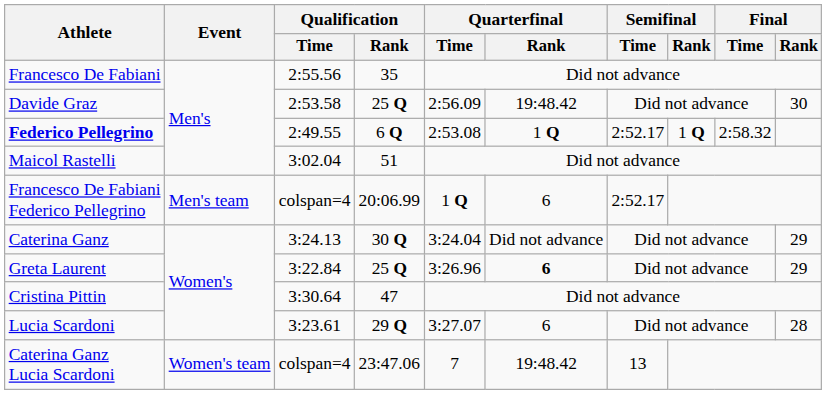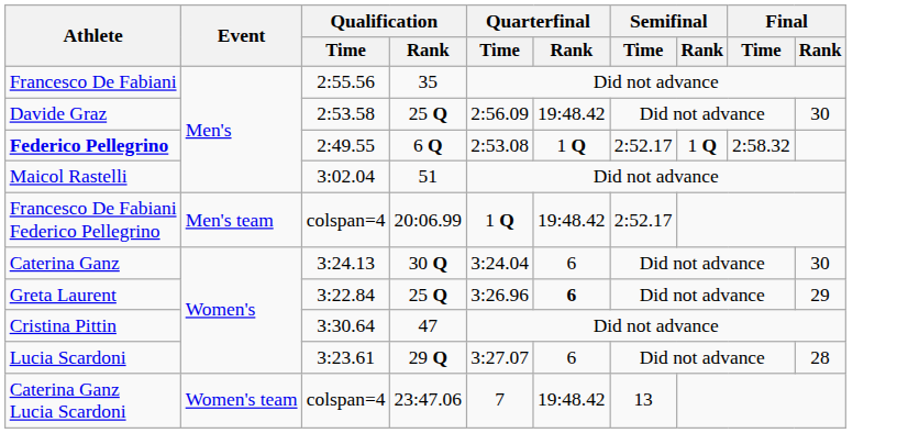 <table class=wikitable style=font-size:90%;text-align:center>
 <tr>
 <th rowspan=2>Athlete</th>
 <th rowspan=2>Event</th>
 <th colspan=2>Qualification</th>
 <th colspan=2>Quarterfinal</th>
 <th colspan=2>Semifinal</th>
 <th colspan=2>Final</th>
 </tr>
 <tr style=font-size:95%>
 <th>Time</th>
 <th>Rank</th>
 <th>Time</th>
 <th>Rank</th>
 <th>Time</th>
 <th>Rank</th>
 <th>Time</th>
 <th>Rank</th>
 </tr>
 <tr>
 <td align=left><a href='#'>Francesco De Fabiani</a></td>
 <td align=left rowspan=4><a href='#'>Men's</a></td>
 <td>2:55.56</td>
 <td>35</td>
 <td colspan=6>Did not advance</td>
 </tr>
 <tr>
 <td align=left><a href='#'>Davide Graz</a></td>
 <td>2:53.58</td>
 <td>25 <strong>Q</strong></td>
 <td>2:56.09</td>
 <td>19:48.42</td>
 <td colspan=3>Did not advance</td>
 <td>30</td>
 </tr>
 <tr>
 <td align=left><strong><a href='#'>Federico Pellegrino</a></strong></td>
 <td>2:49.55</td>
 <td>6 <strong>Q</strong></td>
 <td>2:53.08</td>
 <td>1 <strong>Q</strong></td>
 <td>2:52.17</td>
 <td>1 <strong>Q</strong></td>
 <td>2:58.32</td>
 <td></td>
 </tr>
 <tr>
 <td align=left><a href='#'>Maicol Rastelli</a></td>
 <td>3:02.04</td>
 <td>51</td>
 <td colspan=6>Did not advance</td>
 </tr>
 <tr>
 <td align=left><a href='#'>Francesco De Fabiani</a><br><a href='#'>Federico Pellegrino</a></td>
 <td align=left><a href='#'>Men's team</a></td>
 <td>colspan=4 </td>
 <td>20:06.99</td>
 <td>1 <strong>Q</strong></td>
-<td>6</td>
+<td>19:48.42</td>
 <td>2:52.17</td>
 </tr>
 <tr>
 <td align=left><a href='#'>Caterina Ganz</a></td>
 <td align=left rowspan=4><a href='#'>Women's</a></td>
 <td>3:24.13</td>
 <td>30 <strong>Q</strong></td>
 <td>3:24.04</td>
-<td>Did not advance</td>
+<td>6</td>
 <td colspan=3>Did not advance</td>
-<td>29</td>
+<td>30</td>
 </tr>
 <tr>
 <td align=left><a href='#'>Greta Laurent</a></td>
 <td>3:22.84</td>
 <td>25 <strong>Q</strong></td>
 <td>3:26.96</td>
 <td><strong>6</strong></td>
 <td colspan=3>Did not advance</td>
 <td>29</td>
 </tr>
 <tr>
 <td align=left><a href='#'>Cristina Pittin</a></td>
 <td>3:30.64</td>
 <td>47</td>
 <td colspan=6>Did not advance</td>
 </tr>
 <tr>
 <td align=left><a href='#'>Lucia Scardoni</a></td>
 <td>3:23.61</td>
 <td>29 <strong>Q</strong></td>
 <td>3:27.07</td>
 <td>6</td>
 <td colspan=3>Did not advance</td>
 <td>28</td>
 </tr>
 <tr>
 <td align=left><a href='#'>Caterina Ganz</a><br><a href='#'>Lucia Scardoni</a></td>
 <td align=left><a href='#'>Women's team</a></td>
 <td>colspan=4 </td>
 <td>23:47.06</td>
 <td>7</td>
 <td>19:48.42</td>
 <td>13</td>
 </tr>
 </table>
